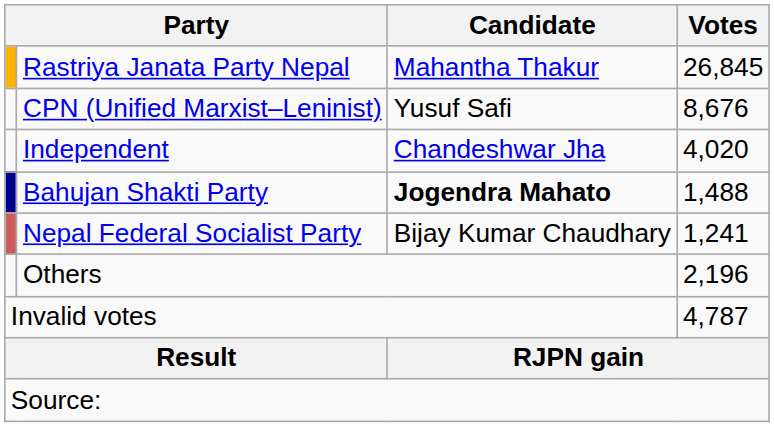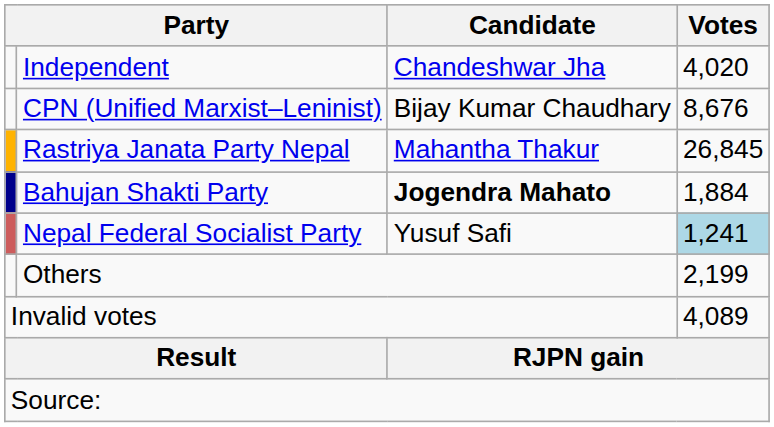 <table class="wikitable">
 <tr>
 <th colspan="2">Party</th>
 <th>Candidate</th>
 <th>Votes</th>
+</tr>
+<tr>
+<td style="background-color:"></td>
+<td><a href='#'>Independent</a></td>
+<td><a href='#'>Chandeshwar Jha</a></td>
+<td>4,020</td>
+</tr>
+<tr>
+<td style="background-color:"></td>
+<td><a href='#'>CPN (Unified Marxist–Leninist)</a></td>
+<td>Bijay Kumar Chaudhary</td>
+<td>8,676</td>
 </tr>
 <tr>
 <td style="background-color:#ffb300"></td>
 <td><a href='#'>Rastriya Janata Party Nepal</a></td>
 <td><a href='#'>Mahantha Thakur</a></td>
 <td>26,845</td>
 </tr>
 <tr>
-<td style="background-color:"></td>
-<td><a href='#'>CPN (Unified Marxist–Leninist)</a></td>
-<td>Yusuf Safi</td>
-<td>8,676</td>
-</tr>
-<tr>
-<td style="background-color:"></td>
-<td><a href='#'>Independent</a></td>
-<td><a href='#'>Chandeshwar Jha</a></td>
-<td>4,020</td>
-</tr>
-<tr>
 <td style="background-color:darkblue"></td>
 <td><a href='#'>Bahujan Shakti Party</a></td>
 <td><strong>Jogendra Mahato</strong></td>
-<td>1,488</td>
+<td>1,884</td>
 </tr>
 <tr>
 <td style="background-color:#CD5C5C"></td>
 <td><a href='#'>Nepal Federal Socialist Party</a></td>
-<td>Bijay Kumar Chaudhary</td>
-<td>1,241</td>
+<td>Yusuf Safi</td>
+<td style="background: lightblue;">1,241</td>
 </tr>
 <tr>
 <td></td>
 <td colspan="2">Others</td>
-<td>2,196</td>
+<td>2,199</td>
 </tr>
 <tr>
 <td colspan="3">Invalid votes</td>
-<td>4,787</td>
+<td>4,089</td>
 </tr>
 <tr>
 <th colspan="2">Result</th>
 <th colspan="2">RJPN gain</th>
 </tr>
 <tr>
 <td colspan="4">Source: </td>
 </tr>
 </table>
